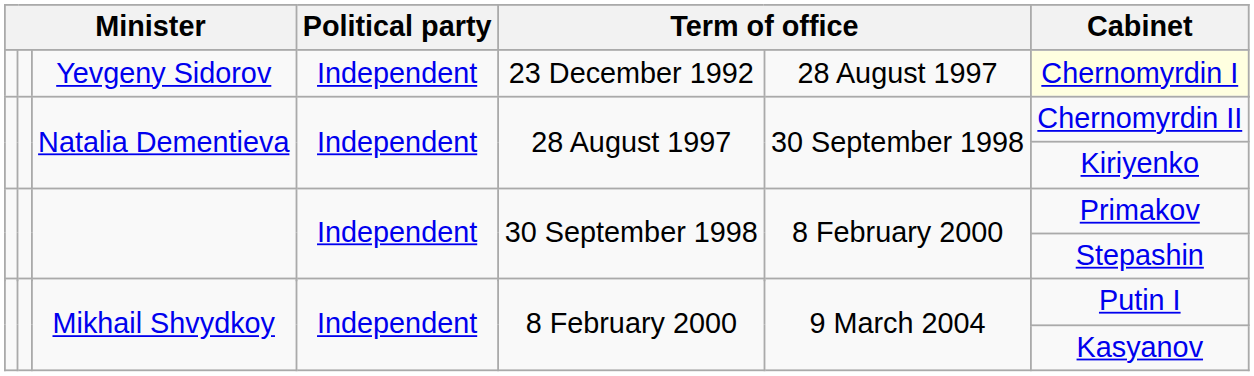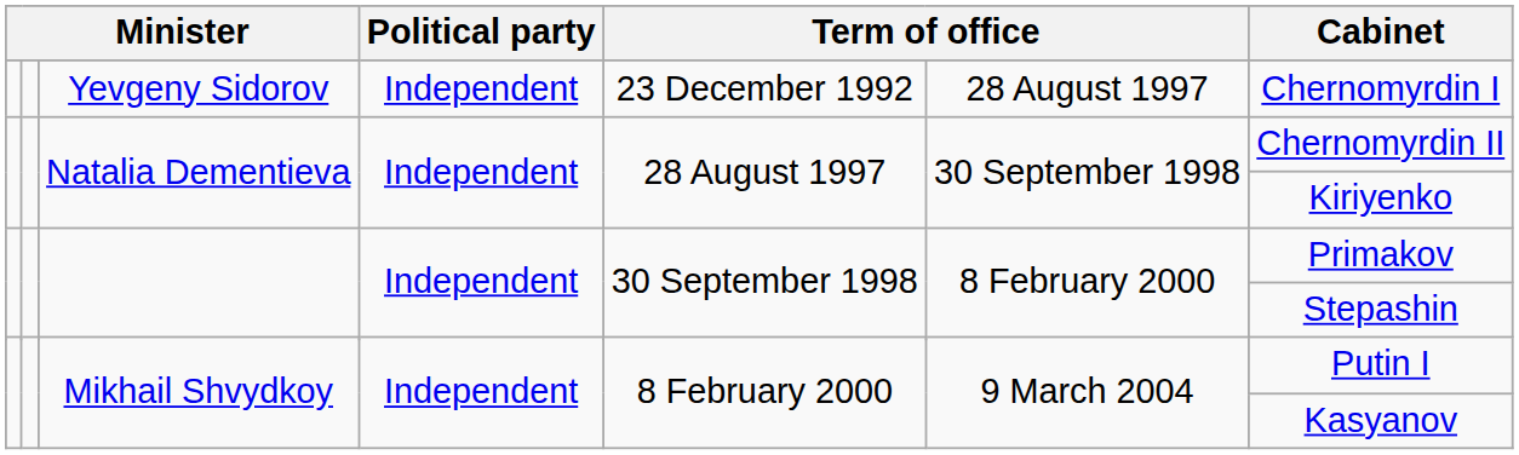 <table class="wikitable" style="text-align:center;">
 <tr>
 <th colspan=3>Minister</th>
 <th>Political party</th>
 <th colspan=2>Term of office</th>
 <th>Cabinet</th>
 </tr>
 <tr>
 <td rowspan=2 style="background: "></td>
 <td rowspan=2></td>
 <td rowspan=2><a href='#'>Yevgeny Sidorov</a></td>
 <td rowspan=2><a href='#'>Independent</a></td>
 <td rowspan=2>23 December 1992</td>
 <td rowspan=2>28 August 1997</td>
-<td style="background: lightyellow;"><a href='#'>Chernomyrdin I</a></td>
+<td><a href='#'>Chernomyrdin I</a></td>
 </tr>
 <tr>
 <td rowspan=2><a href='#'>Chernomyrdin II</a></td>
 </tr>
 <tr>
 <td rowspan=2 style="background: "></td>
 <td rowspan=2></td>
 <td rowspan=2><a href='#'>Natalia Dementieva</a></td>
 <td rowspan=2><a href='#'>Independent</a></td>
 <td rowspan=2>28 August 1997</td>
 <td rowspan=2>30 September 1998</td>
 </tr>
 <tr>
 <td><a href='#'>Kiriyenko</a></td>
 </tr>
 <tr>
 <td rowspan=3 style="background: "></td>
 <td rowspan=3></td>
 <td rowspan=3></td>
 <td rowspan=3><a href='#'>Independent</a></td>
 <td rowspan=3>30 September 1998</td>
 <td rowspan=3>8 February 2000</td>
 <td><a href='#'>Primakov</a></td>
 </tr>
 <tr>
 <td><a href='#'>Stepashin</a></td>
 </tr>
 <tr>
 <td rowspan=2><a href='#'>Putin I</a></td>
 </tr>
 <tr>
 <td rowspan=2 style="background: "></td>
 <td rowspan=2></td>
 <td rowspan=2><a href='#'>Mikhail Shvydkoy</a></td>
 <td rowspan=2><a href='#'>Independent</a></td>
 <td rowspan=2>8 February 2000</td>
 <td rowspan=2>9 March 2004</td>
 </tr>
 <tr>
 <td><a href='#'>Kasyanov</a></td>
 </tr>
 </table>
